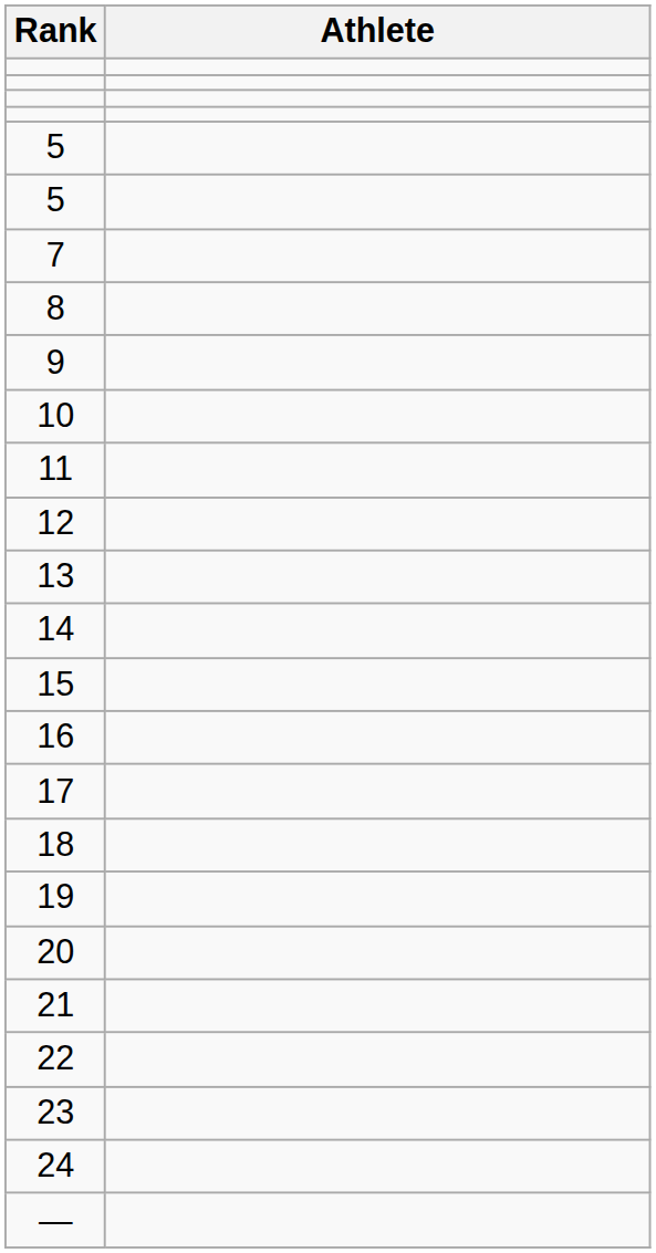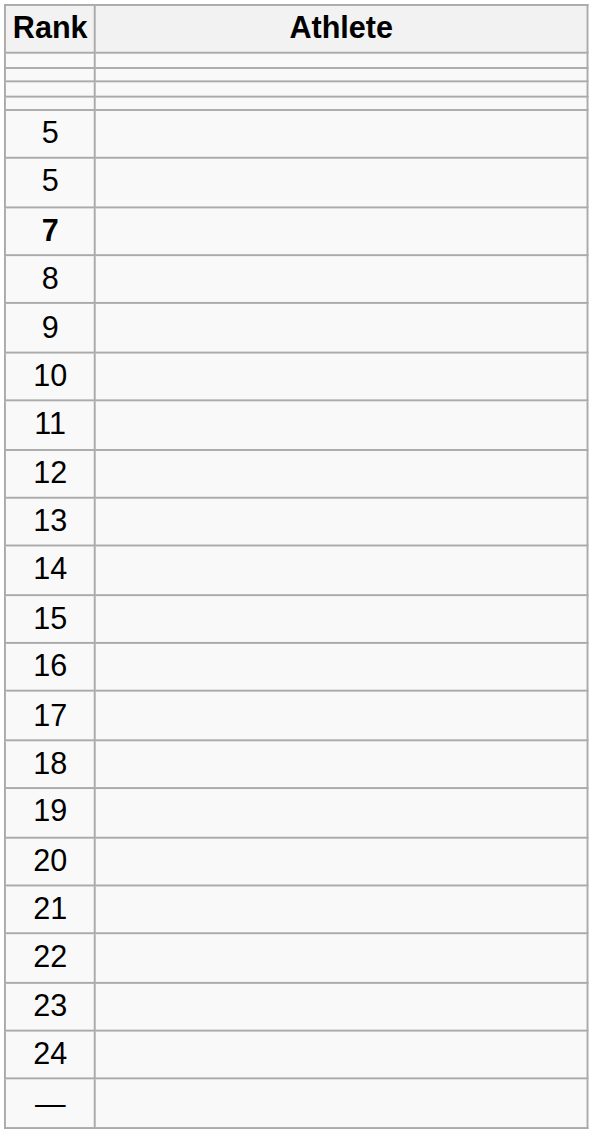 <table class="wikitable" style="text-align: center;">
 <tr>
 <th width=40>Rank</th>
 <th width=250>Athlete</th>
 </tr>
 <tr>
 <td></td>
 <td align="left"></td>
 </tr>
 <tr>
 <td></td>
 <td align="left"></td>
 </tr>
 <tr>
 <td></td>
 <td align="left"></td>
 </tr>
 <tr>
 <td></td>
 <td align="left"></td>
 </tr>
 <tr>
 <td>5</td>
 <td align="left"></td>
 </tr>
 <tr>
 <td>5</td>
 <td align="left"></td>
 </tr>
 <tr>
-<td>7</td>
+<td><strong>7</strong></td>
 <td align="left"></td>
 </tr>
 <tr>
 <td>8</td>
 <td align="left"></td>
 </tr>
 <tr>
 <td>9</td>
 <td align="left"></td>
 </tr>
 <tr>
 <td>10</td>
 <td align="left"></td>
 </tr>
 <tr>
 <td>11</td>
 <td align="left"></td>
 </tr>
 <tr>
 <td>12</td>
 <td align="left"></td>
 </tr>
 <tr>
 <td>13</td>
 <td align="left"></td>
 </tr>
 <tr>
 <td>14</td>
 <td align="left"></td>
 </tr>
 <tr>
 <td>15</td>
 <td align="left"></td>
 </tr>
 <tr>
 <td>16</td>
 <td align="left"></td>
 </tr>
 <tr>
 <td>17</td>
 <td align="left"></td>
 </tr>
 <tr>
 <td>18</td>
 <td align="left"></td>
 </tr>
 <tr>
 <td>19</td>
 <td align="left"></td>
 </tr>
 <tr>
 <td>20</td>
 <td align="left"></td>
 </tr>
 <tr>
 <td>21</td>
 <td align="left"></td>
 </tr>
 <tr>
 <td>22</td>
 <td align="left"></td>
 </tr>
 <tr>
 <td>23</td>
 <td align="left"></td>
 </tr>
 <tr>
 <td>24</td>
 <td align="left"></td>
 </tr>
 <tr>
 <td>—</td>
 <td align="left"></td>
 </tr>
 </table>
